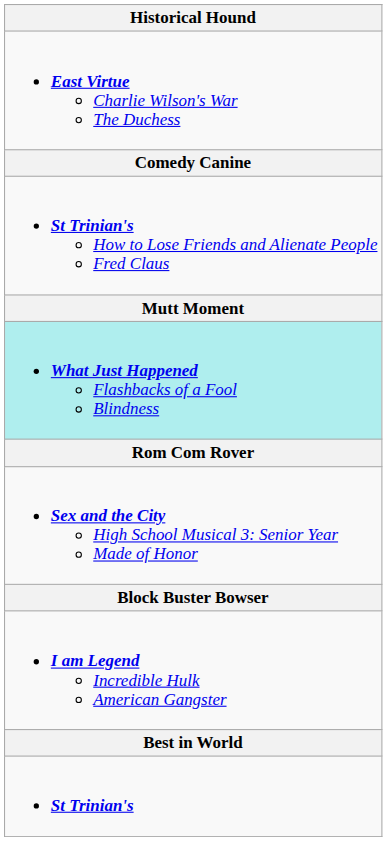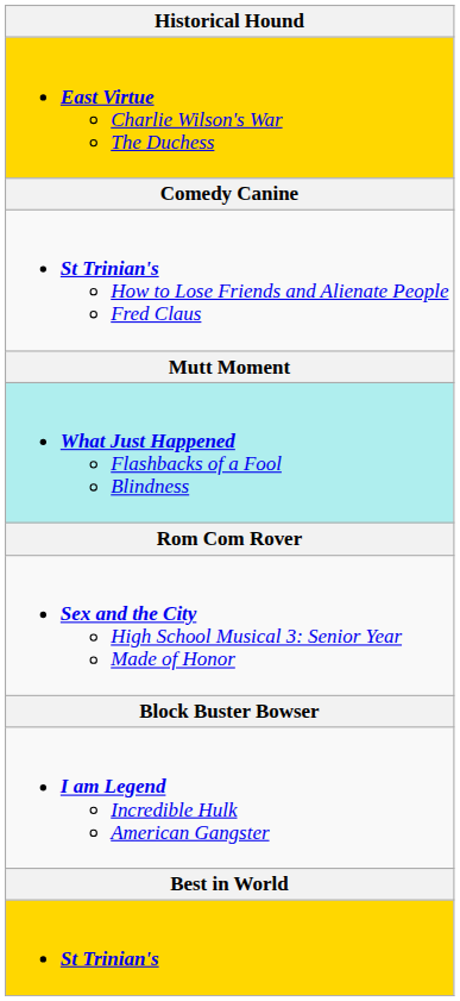 <table class="wikitable">
 <tr>
 <th><strong>Historical Hound</strong></th>
 </tr>
 <tr>
-<td><br><ul><li><strong><a href='#'><em>East Virtue</em></a></strong><ul><li><a href='#'><em>Charlie Wilson's War</em></a></li><li><a href='#'><em>The Duchess</em></a></li></ul></li></ul></td>
+<td style="background: gold;"><br><ul><li><strong><a href='#'><em>East Virtue</em></a></strong><ul><li><a href='#'><em>Charlie Wilson's War</em></a></li><li><a href='#'><em>The Duchess</em></a></li></ul></li></ul></td>
 </tr>
 <tr>
 <th>Comedy Canine</th>
 </tr>
 <tr>
 <td><br><ul><li><strong><a href='#'><em>St Trinian's</em></a></strong><ul><li><a href='#'><em>How to Lose Friends and Alienate People</em></a></li><li><em><a href='#'>Fred Claus</a></em></li></ul></li></ul></td>
 </tr>
 <tr>
 <th>Mutt Moment</th>
 </tr>
 <tr>
 <td style="background: paleturquoise;"><br><ul><li><strong><a href='#'><em>What Just Happened</em></a></strong><ul><li><em><a href='#'>Flashbacks of a Fool</a></em></li><li><a href='#'><em>Blindness</em></a></li></ul></li></ul></td>
 </tr>
 <tr>
 <th>Rom Com Rover</th>
 </tr>
 <tr>
 <td><br><ul><li><strong><a href='#'><em>Sex and the City</em></a></strong><ul><li><em><a href='#'>High School Musical 3: Senior Year</a></em></li><li><em><a href='#'>Made of Honor</a></em></li></ul></li></ul></td>
 </tr>
 <tr>
 <th>Block Buster Bowser</th>
 </tr>
 <tr>
 <td><br><ul><li><strong><a href='#'><em>I am Legend</em></a></strong><ul><li><a href='#'><em>Incredible Hulk</em></a></li><li><a href='#'><em>American Gangster</em></a></li></ul></li></ul></td>
 </tr>
 <tr>
 <th>Best in World</th>
 </tr>
 <tr>
-<td><br><ul><li><strong><a href='#'><em>St Trinian's</em></a></strong></li></ul></td>
+<td style="background: gold;"><br><ul><li><strong><a href='#'><em>St Trinian's</em></a></strong></li></ul></td>
 </tr>
 </table>
